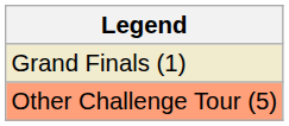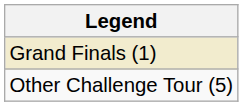 <table class="wikitable" style="font-size:95%;">
 <tr>
 <th>Legend</th>
 </tr>
 <tr style="background:#f2ecce;">
 <td>Grand Finals (1)</td>
 </tr>
 <tr>
-<td style="background: lightsalmon;">Other Challenge Tour (5)</td>
+<td>Other Challenge Tour (5)</td>
 </tr>
 </table>
